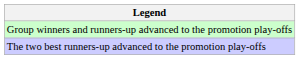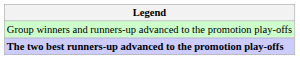 <table class="wikitable">
 <tr>
 <th>Legend</th>
 </tr>
 <tr bgcolor=#ccffcc>
 <td>Group winners and runners-up advanced to the promotion play-offs</td>
 </tr>
 <tr bgcolor=#ccccff>
-<td>The two best runners-up advanced to the promotion play-offs</td>
+<td><strong>The two best runners-up advanced to the promotion play-offs</strong></td>
 </tr>
 </table>
